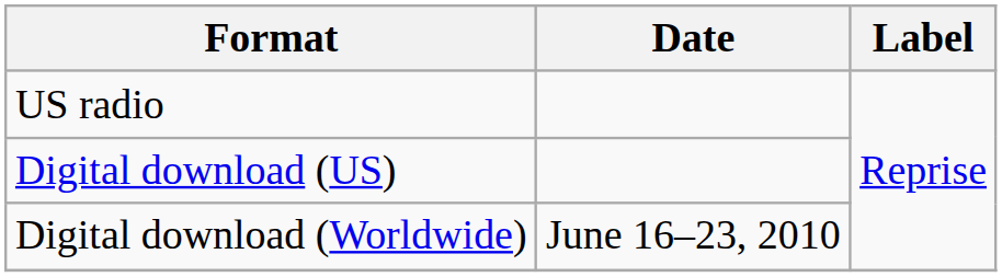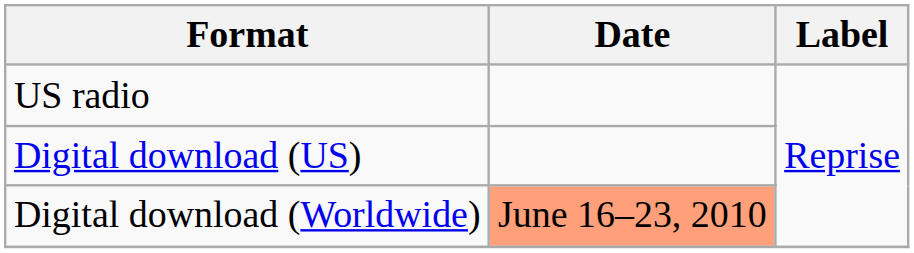 <table class="wikitable sortable">
 <tr>
 <th>Format</th>
 <th>Date</th>
 <th>Label</th>
 </tr>
 <tr>
 <td>US radio</td>
 <td></td>
 <td align="center" rowspan="3"><a href='#'>Reprise</a></td>
 </tr>
 <tr>
 <td><a href='#'>Digital download</a> (<a href='#'>US</a>)</td>
 <td></td>
 </tr>
 <tr>
 <td>Digital download (<a href='#'>Worldwide</a>)</td>
-<td>June 16–23, 2010</td>
+<td style="background: lightsalmon;">June 16–23, 2010</td>
 </tr>
 <tr>
 </tr>
 </table>
